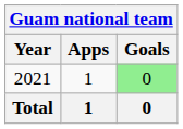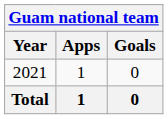 <table class="wikitable" style="text-align:center">
 <tr>
 <th colspan=3><a href='#'>Guam national team</a></th>
 </tr>
 <tr>
 <th>Year</th>
 <th>Apps</th>
 <th>Goals</th>
 </tr>
 <tr>
 <td>2021</td>
 <td>1</td>
-<td style="background: lightgreen;">0</td>
+<td>0</td>
 </tr>
 <tr>
 <th>Total</th>
 <th>1</th>
 <th>0</th>
 </tr>
 </table>
